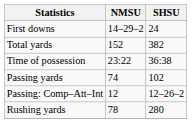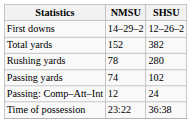 <table class="wikitable" style="float: left;">
 <tr>
 <th>Statistics</th>
 <th>NMSU</th>
 <th>SHSU</th>
 </tr>
 <tr>
 <td>First downs</td>
 <td>14–29–2</td>
-<td>24</td>
+<td>12–26–2</td>
 </tr>
 <tr>
 <td>Total yards</td>
 <td>152</td>
 <td>382</td>
 </tr>
 <tr>
-<td>Time of possession</td>
-<td>23:22</td>
-<td>36:38</td>
+<td>Rushing yards</td>
+<td>78</td>
+<td>280</td>
 </tr>
 <tr>
 <td>Passing yards</td>
 <td>74</td>
 <td>102</td>
 </tr>
 <tr>
 <td>Passing: Comp–Att–Int</td>
 <td>12</td>
-<td>12–26–2</td>
+<td>24</td>
 </tr>
 <tr>
-<td>Rushing yards</td>
-<td>78</td>
-<td>280</td>
+<td>Time of possession</td>
+<td>23:22</td>
+<td>36:38</td>
 </tr>
 <tr>
 </tr>
 </table>
